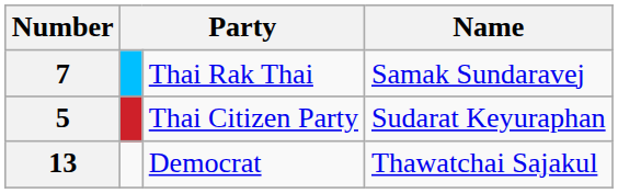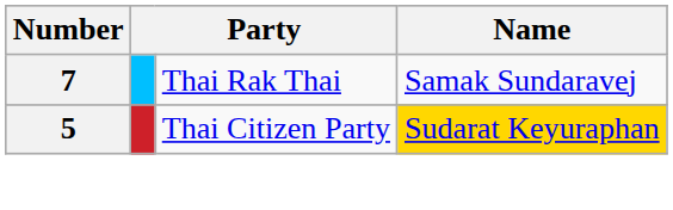 <table class="wikitable">
 <tr>
 <th>Number</th>
 <th colspan="2">Party</th>
 <th><strong>Name</strong></th>
 </tr>
 <tr>
 <th>7</th>
 <td style="background:#00bfff; width:5px;"></td>
 <td><a href='#'>Thai Rak Thai</a></td>
 <td><a href='#'>Samak Sundaravej</a></td>
 </tr>
 <tr>
 <th>5</th>
 <td style="background:#CE2029; width:5px;"></td>
 <td><a href='#'>Thai Citizen Party</a></td>
-<td><a href='#'>Sudarat Keyuraphan</a></td>
-</tr>
-<tr>
-<th>13</th>
-<td style="background:"></td>
-<td><a href='#'>Democrat</a></td>
-<td><a href='#'>Thawatchai Sajakul</a></td>
+<td style="background: gold;"><a href='#'>Sudarat Keyuraphan</a></td>
 </tr>
 </table>
